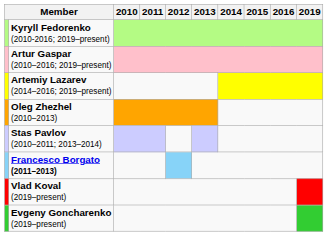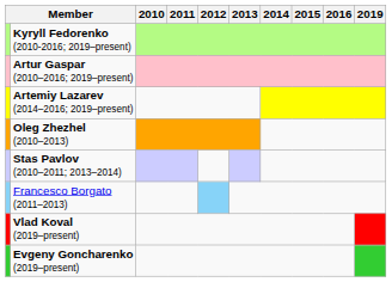 <table class="wikitable">
 <tr>
 <th colspan="2">Member</th>
 <th>2010</th>
 <th>2011</th>
 <th>2012</th>
 <th>2013</th>
 <th>2014</th>
 <th>2015</th>
 <th>2016</th>
 <th>2019</th>
 </tr>
 <tr>
 <td style="background:#B4FB84"></td>
 <td><strong>Kyryll Fedorenko</strong><br><small>(2010-2016; 2019–present)</small></td>
 <td colspan="8" style="text-align:center; background:#B4FB84;"></td>
 </tr>
 <tr>
 <td style="background:pink;"></td>
 <td><strong>Artur Gaspar</strong><br><small>(2010–2016; 2019–present)</small></td>
 <td colspan="8" style="text-align:center; background:pink;"></td>
 </tr>
 <tr>
 <td style="background:yellow"></td>
 <td><strong>Artemiy Lazarev</strong><br><small>(2014–2016; 2019–present)</small></td>
 <td colspan="4"></td>
 <td colspan="4" style="text-align:center; background:yellow;"></td>
 </tr>
 <tr>
 <td style="background:orange"></td>
 <td><strong>Oleg Zhezhel</strong><br><small>(2010–2013)</small></td>
 <td colspan="4" style="text-align:center; background:orange;"></td>
 <td colspan="4"></td>
 </tr>
 <tr>
 <td style="background:#ccf;"></td>
 <td><strong>Stas Pavlov</strong><br><small>(2010–2011; 2013–2014)</small></td>
 <td colspan="2" style="text-align:center; background:#ccf;"></td>
 <td colspan="1"></td>
 <td colspan="1" style="text-align:center; background:#ccf;"></td>
 <td colspan="4"></td>
 </tr>
 <tr>
 <td style="background:#87D3F8"></td>
-<td><strong><a href='#'>Francesco Borgato</a><br><small>(2011–2013)</small></strong></td>
+<td><a href='#'>Francesco Borgato</a><br><small>(2011–2013)</small></td>
 <td colspan="2"></td>
 <td colspan="1"  style="text-align:center; background:#87D3F8;"></td>
 <td colspan="5"></td>
 </tr>
 <tr>
 <td style="background:#ff0000;"></td>
 <td><strong>Vlad Koval</strong><br><small>(2019–present)</small></td>
 <td colspan="7"></td>
 <td colspan="1" style="text-align:center; background:#ff0000;"></td>
 </tr>
 <tr>
 <td style="background:#32cd32;"></td>
 <td><strong>Evgeny Goncharenko</strong><br><small>(2019–present)</small></td>
 <td colspan="7"></td>
 <td colspan="1" style="text-align:center; background:#32cd32;"></td>
 </tr>
 </table>
